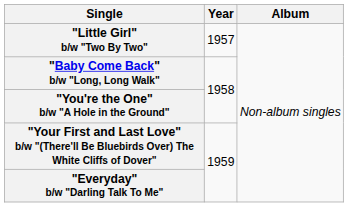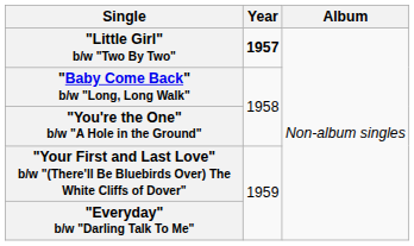 <table class="wikitable plainrowheaders">
 <tr>
 <th style="width:16em;">Single</th>
 <th>Year</th>
 <th>Album</th>
 </tr>
 <tr>
 <th scope="row">"Little Girl"<br><small>b/w "Two By Two"</small></th>
-<td>1957</td>
+<td><strong>1957</strong></td>
 <td rowspan="5"><em>Non-album singles</em></td>
 </tr>
 <tr>
 <th scope="row">"<a href='#'>Baby Come Back</a>"<br><small>b/w "Long, Long Walk"</small></th>
 <td rowspan="2">1958</td>
 </tr>
 <tr>
 <th scope="row">"You're the One"<br><small>b/w "A Hole in the Ground"</small></th>
 </tr>
 <tr>
 <th scope="row">"Your First and Last Love"<br><small>b/w "(There'll Be Bluebirds Over) The White Cliffs of Dover"</small></th>
 <td rowspan="2">1959</td>
 </tr>
 <tr>
 <th scope="row">"Everyday"<br><small>b/w "Darling Talk To Me"</small></th>
 </tr>
 </table>
